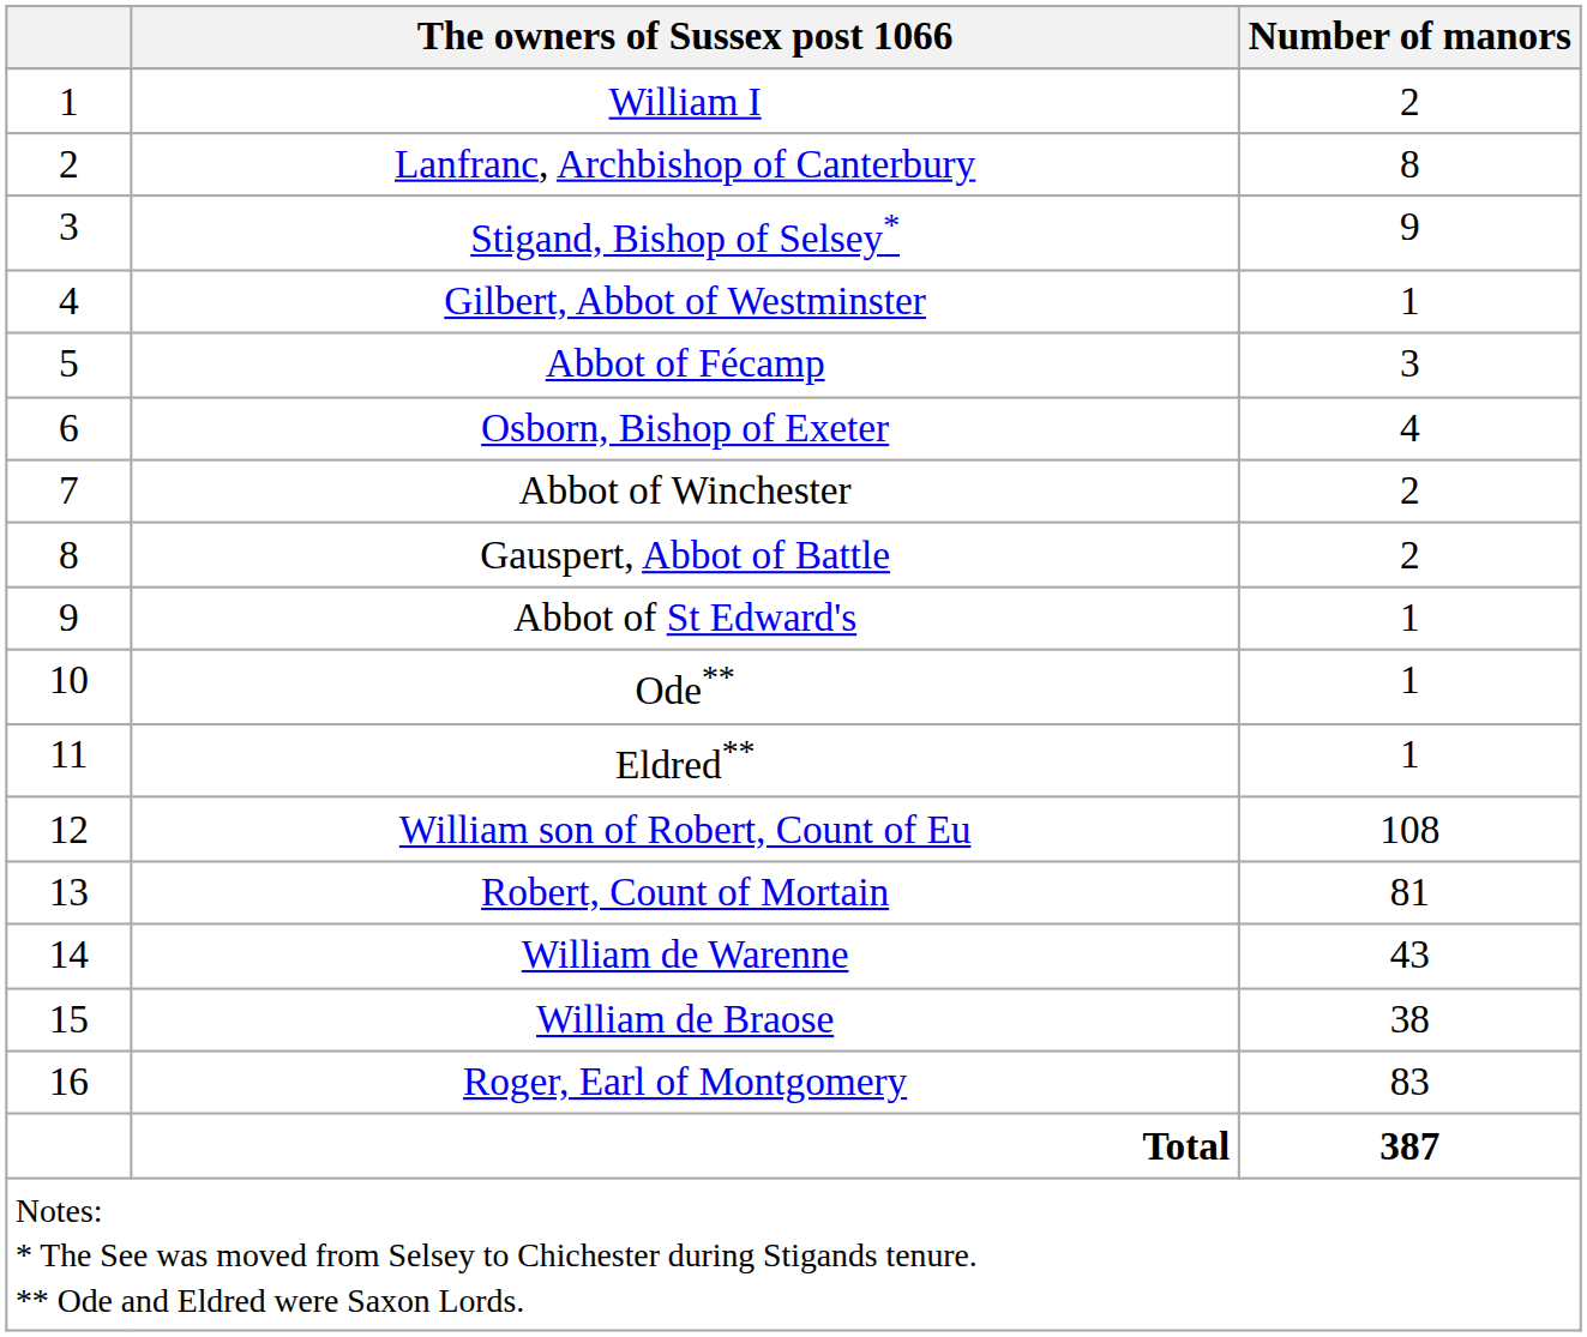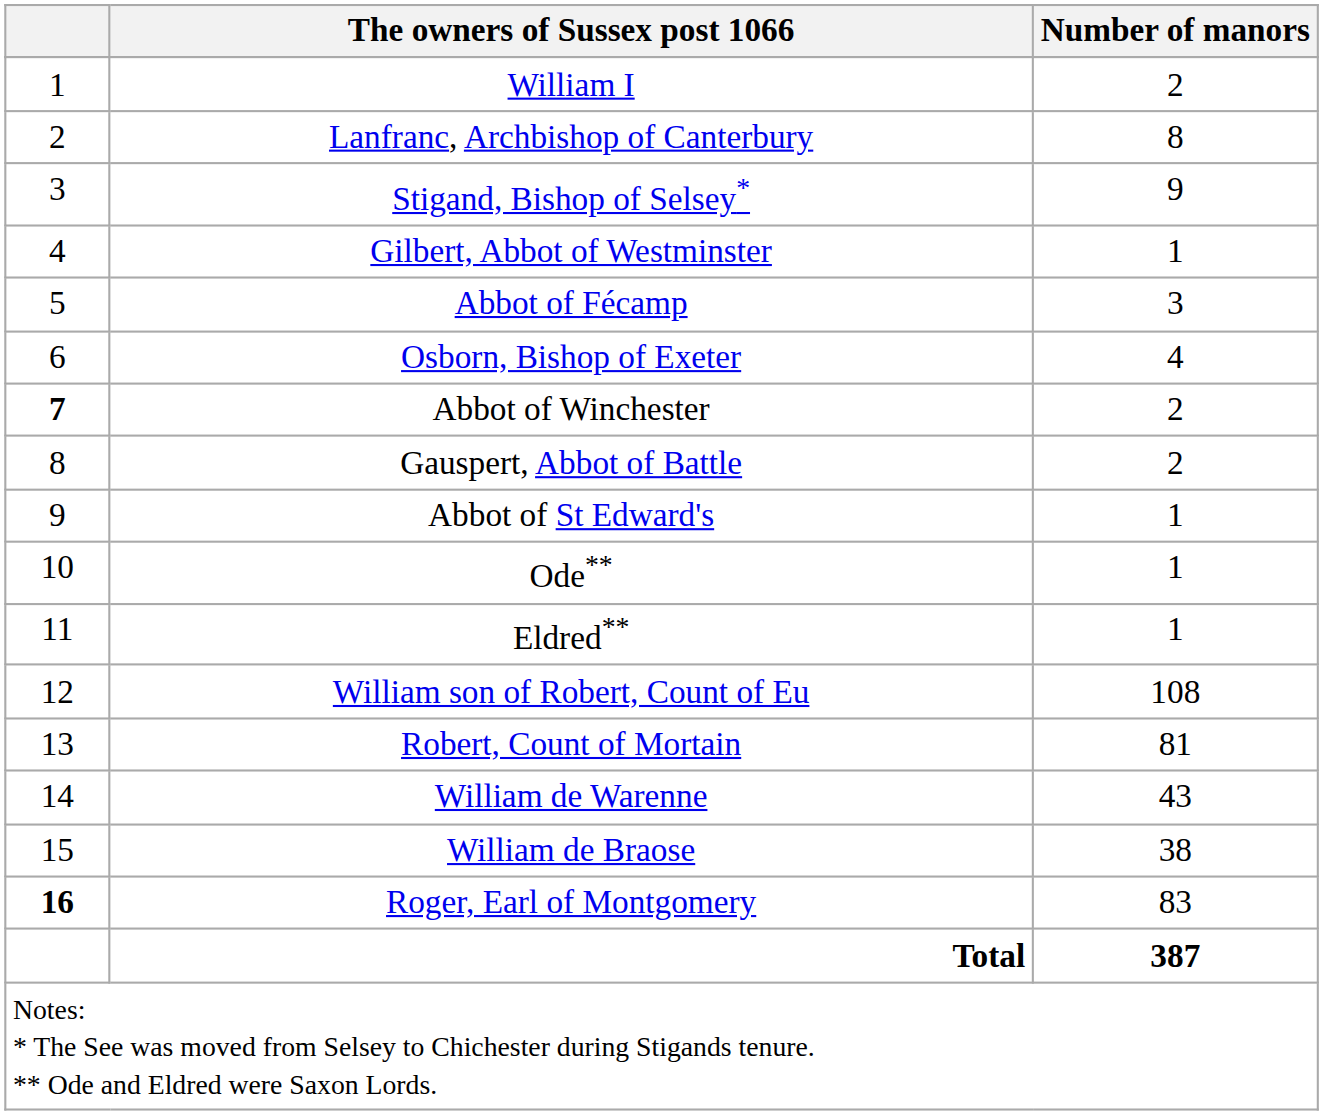 <table class="wikitable" style="margin: 1em auto 1em auto; width:50%; text-align:center;">
 <tr align=center>
 <th width="10pt"></th>
 <th width="200pt"style="text-align: center;">The owners of Sussex post 1066</th>
 <th width="20pt"style="text-align: center;">Number of manors</th>
 </tr>
 <tr valign=top>
 </tr>
 <tr valign=top bgcolor="#ffffff">
 <td>1</td>
 <td><a href='#'>William I</a></td>
 <td>2</td>
 </tr>
 <tr valign=top bgcolor="#ffffff">
 <td>2</td>
 <td><a href='#'>Lanfranc</a>, <a href='#'>Archbishop of Canterbury</a></td>
 <td>8</td>
 </tr>
 <tr valign=top bgcolor="#ffffff">
 <td>3</td>
 <td><a href='#'>Stigand, Bishop of Selsey<sup>*</sup></a></td>
 <td>9</td>
 </tr>
 <tr valign=top bgcolor="#ffffff">
 <td>4</td>
 <td><a href='#'>Gilbert, Abbot of Westminster</a></td>
 <td>1</td>
 </tr>
 <tr valign=top bgcolor="#ffffff">
 <td>5</td>
 <td><a href='#'>Abbot of Fécamp</a></td>
 <td>3</td>
 </tr>
 <tr valign=top bgcolor="#ffffff">
 <td>6</td>
 <td><a href='#'>Osborn, Bishop of Exeter</a></td>
 <td>4</td>
 </tr>
 <tr valign=top bgcolor="#ffffff">
-<td>7</td>
+<td><strong>7</strong></td>
 <td>Abbot of Winchester</td>
 <td>2</td>
 </tr>
 <tr valign=top bgcolor="#ffffff">
 <td>8</td>
 <td>Gauspert, <a href='#'>Abbot of Battle</a></td>
 <td>2</td>
 </tr>
 <tr valign=top bgcolor="#ffffff">
 <td>9</td>
 <td>Abbot of <a href='#'>St Edward's</a></td>
 <td>1</td>
 </tr>
 <tr valign=top bgcolor="#ffffff">
 <td>10</td>
 <td>Ode<sup>**</sup></td>
 <td>1</td>
 </tr>
 <tr valign=top bgcolor="#ffffff">
 <td>11</td>
 <td>Eldred<sup>**</sup></td>
 <td>1</td>
 </tr>
 <tr valign=top bgcolor="#ffffff">
 <td>12</td>
 <td><a href='#'>William son of Robert, Count of Eu</a></td>
 <td>108</td>
 </tr>
 <tr valign=top bgcolor="#ffffff">
 <td>13</td>
 <td><a href='#'>Robert, Count of Mortain</a></td>
 <td>81</td>
 </tr>
 <tr valign=top bgcolor="#ffffff">
 <td>14</td>
 <td><a href='#'>William de Warenne</a></td>
 <td>43</td>
 </tr>
 <tr valign=top bgcolor="#ffffff">
 <td>15</td>
 <td><a href='#'>William de Braose</a></td>
 <td>38</td>
 </tr>
 <tr valign=top bgcolor="#ffffff">
-<td>16</td>
+<td><strong>16</strong></td>
 <td><a href='#'>Roger, Earl of Montgomery</a></td>
 <td>83</td>
 </tr>
 <tr valign=top bgcolor="#ffffff">
 <td></td>
 <td align="right"><strong>Total</strong></td>
 <td><strong>387</strong></td>
 </tr>
 <tr valign=top bgcolor="#ffffff">
 <td colspan="3" style="text-align: left;"><small>Notes:<br> * The See was moved from Selsey to Chichester during Stigands tenure.<br>** Ode and Eldred were Saxon Lords.</small></td>
 </tr>
 </table>
